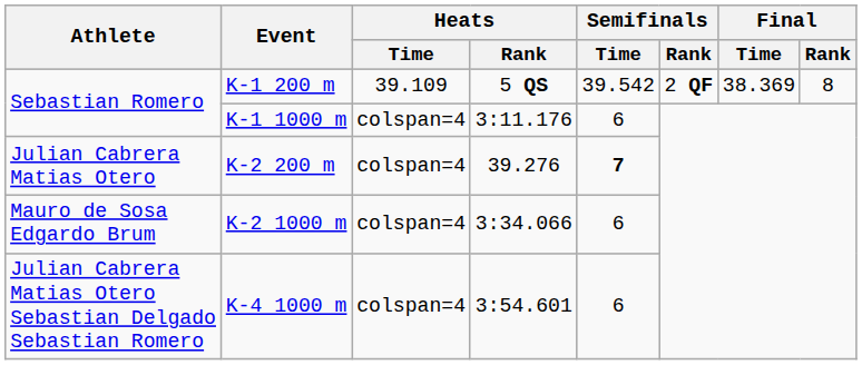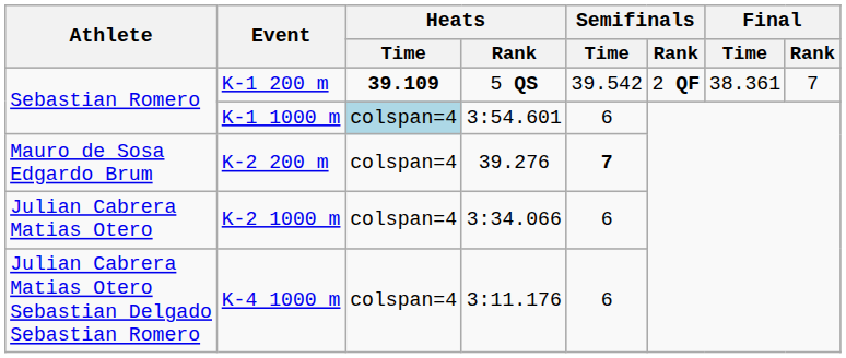 <table class=wikitable style="font-size:90%;">
 <tr>
 <th rowspan="2">Athlete</th>
 <th rowspan="2">Event</th>
 <th colspan=2>Heats</th>
 <th colspan=2>Semifinals</th>
 <th colspan=2>Final</th>
 </tr>
 <tr style="font-size:95%">
 <th>Time</th>
 <th>Rank</th>
 <th>Time</th>
 <th>Rank</th>
 <th>Time</th>
 <th>Rank</th>
 </tr>
 <tr align=center>
 <td align=left rowspan=2><a href='#'>Sebastian Romero</a></td>
 <td align=left><a href='#'>K-1 200 m</a></td>
-<td>39.109</td>
+<td><strong>39.109</strong></td>
 <td>5 <strong>QS</strong></td>
 <td>39.542</td>
 <td>2 <strong>QF</strong></td>
-<td>38.369</td>
-<td>8</td>
+<td>38.361</td>
+<td>7</td>
 </tr>
 <tr align=center>
 <td align=left><a href='#'>K-1 1000 m</a></td>
-<td>colspan=4 </td>
-<td>3:11.176</td>
+<td style="background: lightblue;">colspan=4 </td>
+<td>3:54.601</td>
 <td>6</td>
 </tr>
 <tr align=center>
-<td align=left><a href='#'>Julian Cabrera</a><br><a href='#'>Matias Otero</a></td>
+<td align=left><a href='#'>Mauro de Sosa</a><br><a href='#'>Edgardo Brum</a></td>
 <td align=left><a href='#'>K-2 200 m</a></td>
 <td>colspan=4 </td>
 <td>39.276</td>
 <td><strong>7</strong></td>
 </tr>
 <tr align=center>
-<td align=left><a href='#'>Mauro de Sosa</a><br><a href='#'>Edgardo Brum</a></td>
+<td align=left><a href='#'>Julian Cabrera</a><br><a href='#'>Matias Otero</a></td>
 <td align=left><a href='#'>K-2 1000 m</a></td>
 <td>colspan=4 </td>
 <td>3:34.066</td>
 <td>6</td>
 </tr>
 <tr align=center>
 <td align=left><a href='#'>Julian Cabrera</a><br><a href='#'>Matias Otero</a><br><a href='#'>Sebastian Delgado</a><br><a href='#'>Sebastian Romero</a></td>
 <td align=left><a href='#'>K-4 1000 m</a></td>
 <td>colspan=4 </td>
-<td>3:54.601</td>
+<td>3:11.176</td>
 <td>6</td>
 </tr>
 </table>
